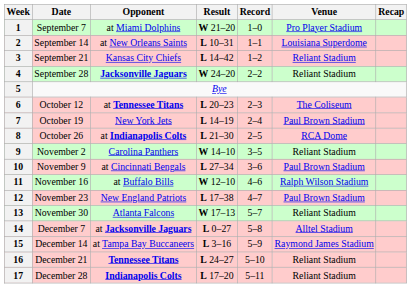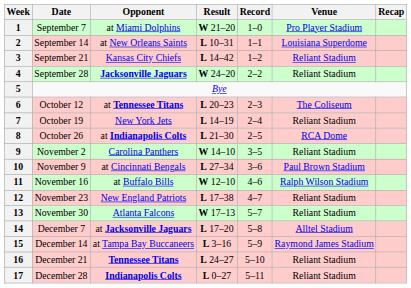 <table class="wikitable" style="text-align:center">
 <tr>
 <th>Week</th>
 <th>Date</th>
 <th>Opponent</th>
 <th>Result</th>
 <th>Record</th>
 <th>Venue</th>
 <th>Recap</th>
 </tr>
 <tr style="background:#cfc">
 <th>1</th>
 <td>September 7</td>
 <td>at <a href='#'>Miami Dolphins</a></td>
 <td><strong>W</strong> 21–20</td>
 <td>1–0</td>
 <td><a href='#'>Pro Player Stadium</a></td>
 <td></td>
 </tr>
 <tr style="background:#fcc">
 <th>2</th>
 <td>September 14</td>
 <td>at <a href='#'>New Orleans Saints</a></td>
 <td><strong>L</strong> 10–31</td>
 <td>1–1</td>
 <td><a href='#'>Louisiana Superdome</a></td>
 <td></td>
 </tr>
 <tr style="background:#fcc">
 <th>3</th>
 <td>September 21</td>
 <td><a href='#'>Kansas City Chiefs</a></td>
 <td><strong>L</strong> 14–42</td>
 <td>1–2</td>
 <td><a href='#'>Reliant Stadium</a></td>
 <td></td>
 </tr>
 <tr style="background:#cfc">
 <th>4</th>
 <td>September 28</td>
 <td><strong><a href='#'>Jacksonville Jaguars</a></strong></td>
 <td><strong>W</strong> 24–20</td>
 <td>2–2</td>
 <td>Reliant Stadium</td>
 <td></td>
 </tr>
 <tr>
 <th>5</th>
 <td colspan="6"><em><a href='#'>Bye</a></em></td>
 </tr>
 <tr style="background:#fcc">
 <th>6</th>
 <td>October 12</td>
 <td>at <strong><a href='#'>Tennessee Titans</a></strong></td>
 <td><strong>L</strong> 20–23 </td>
 <td>2–3</td>
 <td><a href='#'>The Coliseum</a></td>
 <td></td>
 </tr>
 <tr style="background:#fcc">
 <th>7</th>
 <td>October 19</td>
 <td><a href='#'>New York Jets</a></td>
 <td><strong>L</strong> 14–19</td>
 <td>2–4</td>
-<td><a href='#'>Paul Brown Stadium</a></td>
+<td>Reliant Stadium</td>
 <td></td>
 </tr>
 <tr style="background:#fcc">
 <th>8</th>
 <td>October 26</td>
 <td>at <strong><a href='#'>Indianapolis Colts</a></strong></td>
 <td><strong>L</strong> 21–30</td>
 <td>2–5</td>
 <td><a href='#'>RCA Dome</a></td>
 <td></td>
 </tr>
 <tr style="background:#cfc">
 <th>9</th>
 <td>November 2</td>
 <td><a href='#'>Carolina Panthers</a></td>
 <td><strong>W</strong> 14–10</td>
 <td>3–5</td>
 <td>Reliant Stadium</td>
 <td></td>
 </tr>
 <tr style="background:#fcc">
 <th>10</th>
 <td>November 9</td>
 <td>at <a href='#'>Cincinnati Bengals</a></td>
 <td><strong>L</strong> 27–34</td>
 <td>3–6</td>
 <td><a href='#'>Paul Brown Stadium</a></td>
 <td></td>
 </tr>
 <tr style="background:#cfc">
 <th>11</th>
 <td>November 16</td>
 <td>at <a href='#'>Buffalo Bills</a></td>
 <td><strong>W</strong> 12–10</td>
 <td>4–6</td>
 <td><a href='#'>Ralph Wilson Stadium</a></td>
 <td></td>
 </tr>
 <tr style="background:#fcc">
 <th>12</th>
 <td>November 23</td>
 <td><a href='#'>New England Patriots</a></td>
 <td><strong>L</strong> 17–38</td>
 <td>4–7</td>
-<td><a href='#'>Paul Brown Stadium</a></td>
+<td>Reliant Stadium</td>
 <td></td>
 </tr>
 <tr style="background:#cfc">
 <th>13</th>
 <td>November 30</td>
 <td><a href='#'>Atlanta Falcons</a></td>
 <td><strong>W</strong> 17–13</td>
 <td>5–7</td>
 <td>Reliant Stadium</td>
 <td></td>
 </tr>
 <tr style="background:#fcc">
 <th>14</th>
 <td>December 7</td>
 <td>at <strong><a href='#'>Jacksonville Jaguars</a></strong></td>
-<td><strong>L</strong> 0–27</td>
+<td><strong>L</strong> 17–20</td>
 <td>5–8</td>
 <td><a href='#'>Alltel Stadium</a></td>
 <td></td>
 </tr>
 <tr style="background:#fcc">
 <th>15</th>
 <td>December 14</td>
 <td>at <a href='#'>Tampa Bay Buccaneers</a></td>
 <td><strong>L</strong> 3–16</td>
 <td>5–9</td>
 <td><a href='#'>Raymond James Stadium</a></td>
 <td></td>
 </tr>
 <tr style="background:#fcc">
 <th>16</th>
 <td>December 21</td>
 <td><strong><a href='#'>Tennessee Titans</a></strong></td>
 <td><strong>L</strong> 24–27</td>
 <td>5–10</td>
 <td>Reliant Stadium</td>
 <td></td>
 </tr>
 <tr style="background:#fcc">
 <th>17</th>
 <td>December 28</td>
 <td><strong><a href='#'>Indianapolis Colts</a></strong></td>
-<td><strong>L</strong> 17–20</td>
+<td><strong>L</strong> 0–27</td>
 <td>5–11</td>
 <td>Reliant Stadium</td>
 <td></td>
 </tr>
 </table>
